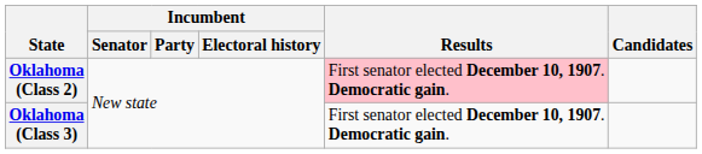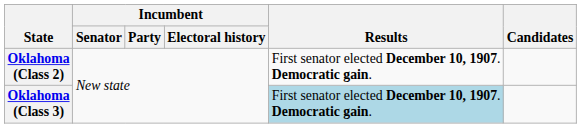 <table class=wikitable>
 <tr valign=bottom>
 <th rowspan=2>State</th>
 <th colspan=3>Incumbent</th>
 <th rowspan=2>Results</th>
 <th rowspan=2>Candidates</th>
 </tr>
 <tr valign=bottom>
 <th>Senator</th>
 <th>Party</th>
 <th>Electoral history</th>
 </tr>
 <tr>
 <th><a href='#'>Oklahoma</a><br>(Class 2)</th>
 <td colspan=3 rowspan=2><em>New state</em></td>
-<td style="background: pink;">First senator elected <strong>December 10, 1907</strong>.<br><strong>Democratic gain</strong>.</td>
+<td>First senator elected <strong>December 10, 1907</strong>.<br><strong>Democratic gain</strong>.</td>
 <td nowrap></td>
 </tr>
 <tr>
 <th><a href='#'>Oklahoma</a><br>(Class 3)</th>
-<td>First senator elected <strong>December 10, 1907</strong>.<br><strong>Democratic gain</strong>.</td>
+<td style="background: lightblue;">First senator elected <strong>December 10, 1907</strong>.<br><strong>Democratic gain</strong>.</td>
 <td nowrap></td>
 </tr>
 </table>
